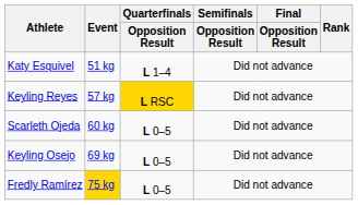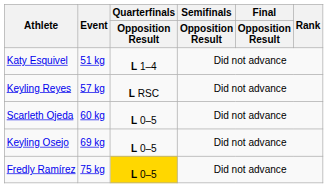 <table class="wikitable" border="1" style="font-size:90%">
 <tr>
 <th rowspan=2>Athlete</th>
 <th rowspan=2>Event</th>
 <th>Quarterfinals</th>
 <th>Semifinals</th>
 <th>Final</th>
 <th rowspan="2">Rank</th>
 </tr>
 <tr>
 <th>Opposition<br>Result</th>
 <th>Opposition<br>Result</th>
 <th>Opposition<br>Result</th>
 </tr>
 <tr align=center>
 <td align=left><a href='#'>Katy Esquivel</a></td>
 <td align=left><a href='#'>51 kg</a></td>
 <td><br><strong>L</strong> 1–4</td>
 <td colspan=3>Did not advance</td>
 </tr>
 <tr align=center>
 <td align=left><a href='#'>Keyling Reyes</a></td>
 <td align=left><a href='#'>57 kg</a></td>
-<td style="background: gold;"><br><strong>L</strong> RSC</td>
+<td><br><strong>L</strong> RSC</td>
 <td colspan=3>Did not advance</td>
 </tr>
 <tr align=center>
 <td align=left><a href='#'>Scarleth Ojeda</a></td>
 <td align=left><a href='#'>60 kg</a></td>
 <td><br><strong>L</strong> 0–5</td>
 <td colspan=3>Did not advance</td>
 </tr>
 <tr align=center>
 <td align=left><a href='#'>Keyling Osejo</a></td>
 <td align=left><a href='#'>69 kg</a></td>
 <td><br><strong>L</strong> 0–5</td>
 <td colspan=3>Did not advance</td>
 </tr>
 <tr align=center>
 <td align=left><a href='#'>Fredly Ramírez</a></td>
-<td align=left style="background: gold;"><a href='#'>75 kg</a></td>
-<td><br><strong>L</strong> 0–5</td>
+<td align=left><a href='#'>75 kg</a></td>
+<td style="background: gold;"><br><strong>L</strong> 0–5</td>
 <td colspan=3>Did not advance</td>
 </tr>
 </table>
